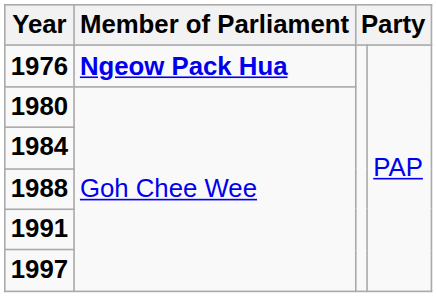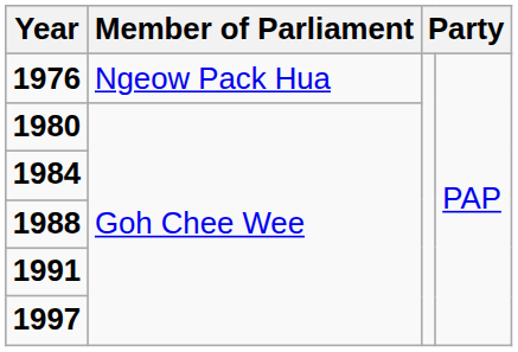 <table class="wikitable">
 <tr>
 <th>Year</th>
 <th>Member of Parliament</th>
 <th colspan="2">Party</th>
 </tr>
 <tr>
 <td><strong>1976</strong></td>
-<td><strong><a href='#'>Ngeow Pack Hua</a></strong></td>
+<td><a href='#'>Ngeow Pack Hua</a></td>
 <td rowspan="6"></td>
 <td rowspan="6"><a href='#'>PAP</a></td>
 </tr>
 <tr>
 <td><strong>1980</strong></td>
 <td rowspan="5"><a href='#'>Goh Chee Wee</a></td>
 </tr>
 <tr>
 <td><strong>1984</strong></td>
 </tr>
 <tr>
 <td><strong>1988</strong></td>
 </tr>
 <tr>
 <td><strong>1991</strong></td>
 </tr>
 <tr>
 <td><strong>1997</strong></td>
 </tr>
 </table>
